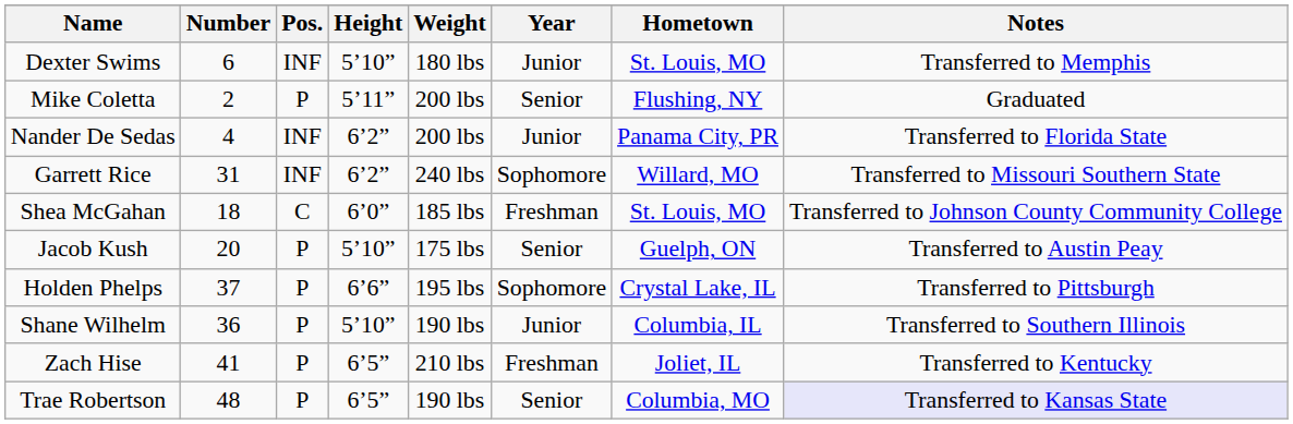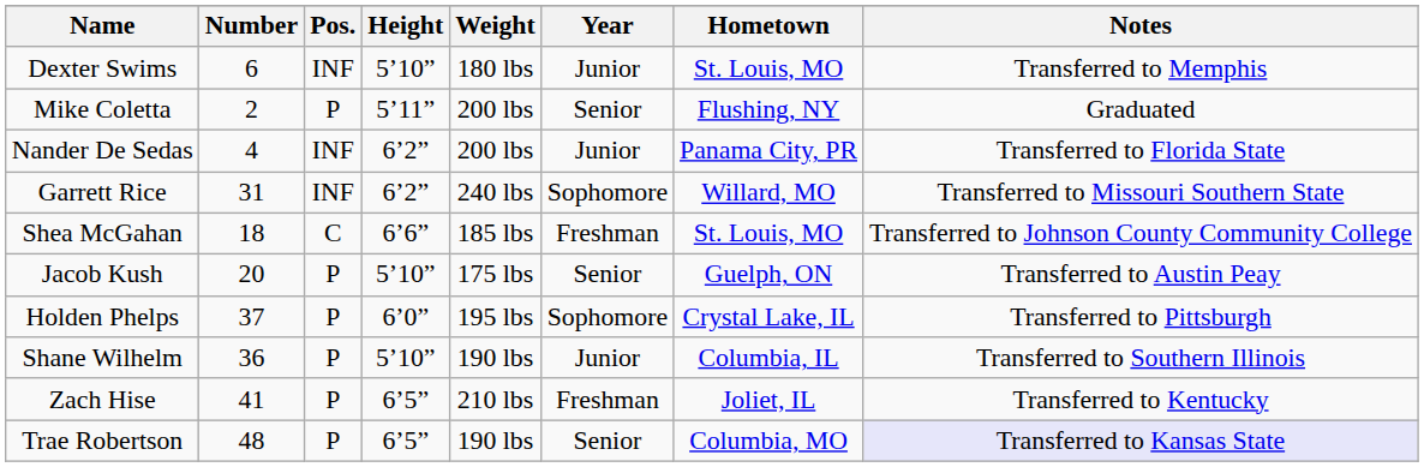 <table class="wikitable sortable">
 <tr>
 </tr>
 <tr>
 <th style="text-align:center; ">Name</th>
 <th style="text-align:center; ">Number</th>
 <th style="text-align:center; ">Pos.</th>
 <th style="text-align:center; ">Height</th>
 <th style="text-align:center; ">Weight</th>
 <th style="text-align:center; ">Year</th>
 <th style="text-align:center; ">Hometown</th>
 <th style="text-align:center; ">Notes</th>
 </tr>
 <tr align="center">
 <td>Dexter Swims</td>
 <td>6</td>
 <td>INF</td>
 <td>5’10”</td>
 <td>180 lbs</td>
 <td>Junior</td>
 <td><a href='#'>St. Louis, MO</a></td>
 <td>Transferred to <a href='#'>Memphis</a></td>
 </tr>
 <tr align="center">
 <td>Mike Coletta</td>
 <td>2</td>
 <td>P</td>
 <td>5’11”</td>
 <td>200 lbs</td>
 <td>Senior</td>
 <td><a href='#'>Flushing, NY</a></td>
 <td>Graduated</td>
 </tr>
 <tr align="center">
 <td>Nander De Sedas</td>
 <td>4</td>
 <td>INF</td>
 <td>6’2”</td>
 <td>200 lbs</td>
 <td>Junior</td>
 <td><a href='#'>Panama City, PR</a></td>
 <td>Transferred to <a href='#'>Florida State</a></td>
 </tr>
 <tr align="center">
 <td>Garrett Rice</td>
 <td>31</td>
 <td>INF</td>
 <td>6’2”</td>
 <td>240 lbs</td>
 <td>Sophomore</td>
 <td><a href='#'>Willard, MO</a></td>
 <td>Transferred to <a href='#'>Missouri Southern State</a></td>
 </tr>
 <tr align="center">
 <td>Shea McGahan</td>
 <td>18</td>
 <td>C</td>
-<td>6’0”</td>
+<td>6’6”</td>
 <td>185 lbs</td>
 <td>Freshman</td>
 <td><a href='#'>St. Louis, MO</a></td>
 <td>Transferred to <a href='#'>Johnson County Community College</a></td>
 </tr>
 <tr align="center">
 <td>Jacob Kush</td>
 <td>20</td>
 <td>P</td>
 <td>5’10”</td>
 <td>175 lbs</td>
 <td>Senior</td>
 <td><a href='#'>Guelph, ON</a></td>
 <td>Transferred to <a href='#'>Austin Peay</a></td>
 </tr>
 <tr align="center">
 <td>Holden Phelps</td>
 <td>37</td>
 <td>P</td>
-<td>6’6”</td>
+<td>6’0”</td>
 <td>195 lbs</td>
 <td>Sophomore</td>
 <td><a href='#'>Crystal Lake, IL</a></td>
 <td>Transferred to <a href='#'>Pittsburgh</a></td>
 </tr>
 <tr align="center">
 <td>Shane Wilhelm</td>
 <td>36</td>
 <td>P</td>
 <td>5’10”</td>
 <td>190 lbs</td>
 <td>Junior</td>
 <td><a href='#'>Columbia, IL</a></td>
 <td>Transferred to <a href='#'>Southern Illinois</a></td>
 </tr>
 <tr align="center">
 <td>Zach Hise</td>
 <td>41</td>
 <td>P</td>
 <td>6’5”</td>
 <td>210 lbs</td>
 <td>Freshman</td>
 <td><a href='#'>Joliet, IL</a></td>
 <td>Transferred to <a href='#'>Kentucky</a></td>
 </tr>
 <tr align="center">
 <td>Trae Robertson</td>
 <td>48</td>
 <td>P</td>
 <td>6’5”</td>
 <td>190 lbs</td>
 <td>Senior</td>
 <td><a href='#'>Columbia, MO</a></td>
 <td style="background: lavender;">Transferred to <a href='#'>Kansas State</a></td>
 </tr>
 </table>
